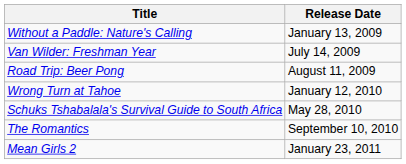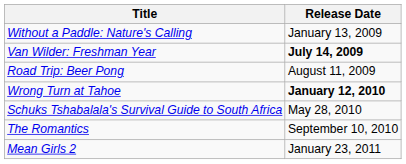 <table class="wikitable sortable">
 <tr>
 <th>Title</th>
 <th>Release Date</th>
 </tr>
 <tr>
 <td><em><a href='#'>Without a Paddle: Nature's Calling</a></em></td>
 <td>January 13, 2009</td>
 </tr>
 <tr>
 <td><em><a href='#'>Van Wilder: Freshman Year</a></em></td>
-<td>July 14, 2009</td>
+<td><strong>July 14, 2009</strong></td>
 </tr>
 <tr>
 <td><em><a href='#'>Road Trip: Beer Pong</a></em></td>
 <td>August 11, 2009</td>
 </tr>
 <tr>
 <td><em><a href='#'>Wrong Turn at Tahoe</a></em></td>
-<td>January 12, 2010</td>
+<td><strong>January 12, 2010</strong></td>
 </tr>
 <tr>
 <td><em><a href='#'>Schuks Tshabalala's Survival Guide to South Africa</a></em></td>
 <td>May 28, 2010</td>
 </tr>
 <tr>
 <td><em><a href='#'>The Romantics</a></em></td>
 <td>September 10, 2010</td>
 </tr>
 <tr>
 <td><em><a href='#'>Mean Girls 2</a></em></td>
 <td>January 23, 2011</td>
 </tr>
 </table>
